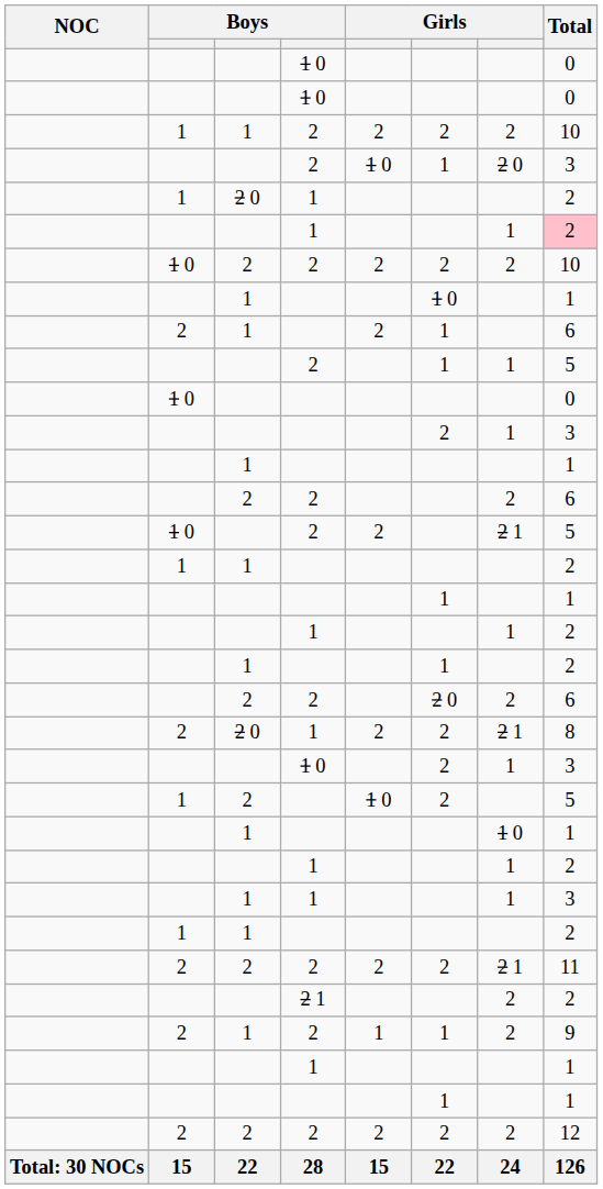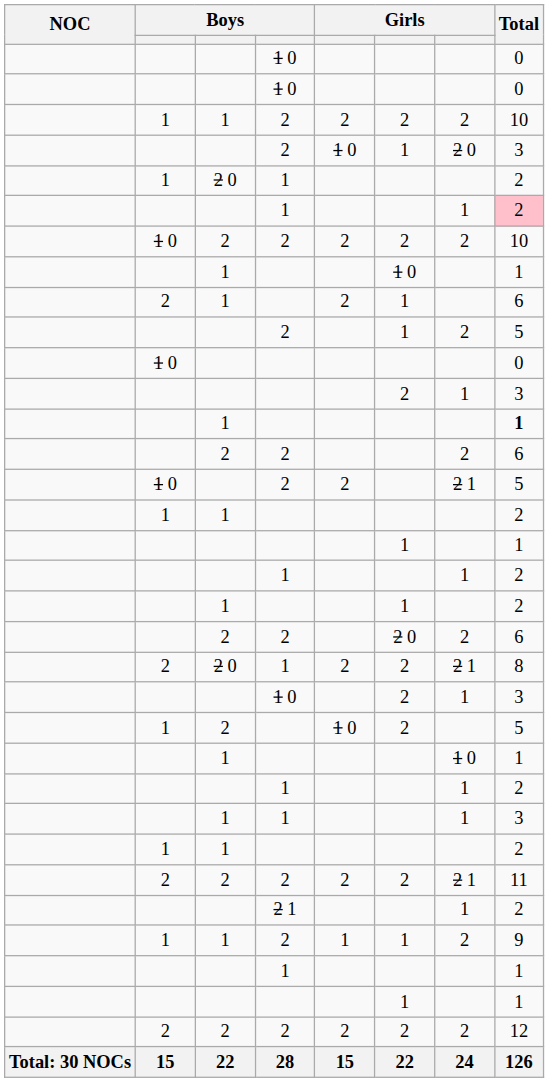 <table class="wikitable sortable" style="text-align:center; font-size:90%">
 <tr>
 <th rowspan="2" align="center">NOC</th>
 <th colspan="3">Boys</th>
 <th colspan="3">Girls</th>
 <th rowspan="2">Total</th>
 </tr>
 <tr>
 <th width=40></th>
 <th width=40></th>
 <th width=40></th>
 <th width=40></th>
 <th width=40></th>
 <th width=40></th>
 </tr>
 <tr>
 <td align=left></td>
 <td></td>
 <td></td>
 <td><s>1</s> 0</td>
 <td></td>
 <td></td>
 <td></td>
 <td>0</td>
 </tr>
 <tr>
 <td align=left></td>
 <td></td>
 <td></td>
 <td><s>1</s> 0</td>
 <td></td>
 <td></td>
 <td></td>
 <td>0</td>
 </tr>
 <tr>
 <td align=left></td>
 <td>1</td>
 <td>1</td>
 <td>2</td>
 <td>2</td>
 <td>2</td>
 <td>2</td>
 <td>10</td>
 </tr>
 <tr>
 <td align=left></td>
 <td></td>
 <td></td>
 <td>2</td>
 <td><s>1</s> 0</td>
 <td>1</td>
 <td><s>2</s> 0</td>
 <td>3</td>
 </tr>
 <tr>
 <td align=left></td>
 <td>1</td>
 <td><s>2</s> 0</td>
 <td>1</td>
 <td></td>
 <td></td>
 <td></td>
 <td>2</td>
 </tr>
 <tr>
 <td align=left></td>
 <td></td>
 <td></td>
 <td>1</td>
 <td></td>
 <td></td>
 <td>1</td>
 <td style="background: pink;">2</td>
 </tr>
 <tr>
 <td align=left></td>
 <td><s>1</s> 0</td>
 <td>2</td>
 <td>2</td>
 <td>2</td>
 <td>2</td>
 <td>2</td>
 <td>10</td>
 </tr>
 <tr>
 <td align=left></td>
 <td></td>
 <td>1</td>
 <td></td>
 <td></td>
 <td><s>1</s> 0</td>
 <td></td>
 <td>1</td>
 </tr>
 <tr>
 <td align=left></td>
 <td>2</td>
 <td>1</td>
 <td></td>
 <td>2</td>
 <td>1</td>
 <td></td>
 <td>6</td>
 </tr>
 <tr>
 <td align=left></td>
 <td></td>
 <td></td>
 <td>2</td>
 <td></td>
 <td>1</td>
-<td>1</td>
+<td>2</td>
 <td>5</td>
 </tr>
 <tr>
 <td align=left></td>
 <td><s>1</s> 0</td>
 <td></td>
 <td></td>
 <td></td>
 <td></td>
 <td></td>
 <td>0</td>
 </tr>
 <tr>
 <td align=left></td>
 <td></td>
 <td></td>
 <td></td>
 <td></td>
 <td>2</td>
 <td>1</td>
 <td>3</td>
 </tr>
 <tr>
 <td align=left></td>
 <td></td>
 <td>1</td>
 <td></td>
 <td></td>
 <td></td>
 <td></td>
-<td>1</td>
+<td><strong>1</strong></td>
 </tr>
 <tr>
 <td align=left></td>
 <td></td>
 <td>2</td>
 <td>2</td>
 <td></td>
 <td></td>
 <td>2</td>
 <td>6</td>
 </tr>
 <tr>
 <td align=left></td>
 <td><s>1</s> 0</td>
 <td></td>
 <td>2</td>
 <td>2</td>
 <td></td>
 <td><s>2</s> 1</td>
 <td>5</td>
 </tr>
 <tr>
 <td align=left></td>
 <td>1</td>
 <td>1</td>
 <td></td>
 <td></td>
 <td></td>
 <td></td>
 <td>2</td>
 </tr>
 <tr>
 <td align=left></td>
 <td></td>
 <td></td>
 <td></td>
 <td></td>
 <td>1</td>
 <td></td>
 <td>1</td>
 </tr>
 <tr>
 <td align=left></td>
 <td></td>
 <td></td>
 <td>1</td>
 <td></td>
 <td></td>
 <td>1</td>
 <td>2</td>
 </tr>
 <tr>
 <td align=left></td>
 <td></td>
 <td>1</td>
 <td></td>
 <td></td>
 <td>1</td>
 <td></td>
 <td>2</td>
 </tr>
 <tr>
 <td align=left></td>
 <td></td>
 <td>2</td>
 <td>2</td>
 <td></td>
 <td><s>2</s> 0</td>
 <td>2</td>
 <td>6</td>
 </tr>
 <tr>
 <td align=left></td>
 <td>2</td>
 <td><s>2</s> 0</td>
 <td>1</td>
 <td>2</td>
 <td>2</td>
 <td><s>2</s> 1</td>
 <td>8</td>
 </tr>
 <tr>
 <td align=left></td>
 <td></td>
 <td></td>
 <td><s>1</s> 0</td>
 <td></td>
 <td>2</td>
 <td>1</td>
 <td>3</td>
 </tr>
 <tr>
 <td align=left></td>
 <td>1</td>
 <td>2</td>
 <td></td>
 <td><s>1</s> 0</td>
 <td>2</td>
 <td></td>
 <td>5</td>
 </tr>
 <tr>
 <td align=left></td>
 <td></td>
 <td>1</td>
 <td></td>
 <td></td>
 <td></td>
 <td><s>1</s> 0</td>
 <td>1</td>
 </tr>
 <tr>
 <td align=left></td>
 <td></td>
 <td></td>
 <td>1</td>
 <td></td>
 <td></td>
 <td>1</td>
 <td>2</td>
 </tr>
 <tr>
 <td align=left></td>
 <td></td>
 <td>1</td>
 <td>1</td>
 <td></td>
 <td></td>
 <td>1</td>
 <td>3</td>
 </tr>
 <tr>
 <td align=left></td>
 <td>1</td>
 <td>1</td>
 <td></td>
 <td></td>
 <td></td>
 <td></td>
 <td>2</td>
 </tr>
 <tr>
 <td align=left></td>
 <td>2</td>
 <td>2</td>
 <td>2</td>
 <td>2</td>
 <td>2</td>
 <td><s>2</s> 1</td>
 <td>11</td>
 </tr>
 <tr>
 <td align=left></td>
 <td></td>
 <td></td>
 <td><s>2</s> 1</td>
 <td></td>
 <td></td>
-<td>2</td>
+<td>1</td>
 <td>2</td>
 </tr>
 <tr>
 <td align=left></td>
-<td>2</td>
+<td>1</td>
 <td>1</td>
 <td>2</td>
 <td>1</td>
 <td>1</td>
 <td>2</td>
 <td>9</td>
 </tr>
 <tr>
 <td align=left></td>
 <td></td>
 <td></td>
 <td>1</td>
 <td></td>
 <td></td>
 <td></td>
 <td>1</td>
 </tr>
 <tr>
 <td align=left></td>
 <td></td>
 <td></td>
 <td></td>
 <td></td>
 <td>1</td>
 <td></td>
 <td>1</td>
 </tr>
 <tr>
 <td align=left></td>
 <td>2</td>
 <td>2</td>
 <td>2</td>
 <td>2</td>
 <td>2</td>
 <td>2</td>
 <td>12</td>
 </tr>
 <tr>
 <th>Total: 30 NOCs</th>
 <th>15</th>
 <th>22</th>
 <th>28</th>
 <th>15</th>
 <th>22</th>
 <th>24</th>
 <th>126</th>
 </tr>
 </table>
